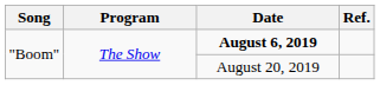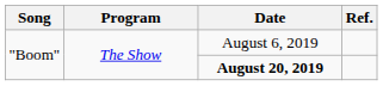 <table class="wikitable" style="text-align:center">
 <tr>
 <th>Song</th>
 <th style="width:130px">Program</th>
 <th style="width:140px">Date</th>
 <th>Ref.</th>
 </tr>
 <tr>
 <td rowspan="2">"Boom"</td>
 <td rowspan="2"><em><a href='#'>The Show</a></em></td>
-<td><strong>August 6, 2019</strong></td>
+<td>August 6, 2019</td>
 <td></td>
 </tr>
 <tr>
-<td>August 20, 2019</td>
+<td><strong>August 20, 2019</strong></td>
 <td></td>
 </tr>
 </table>
